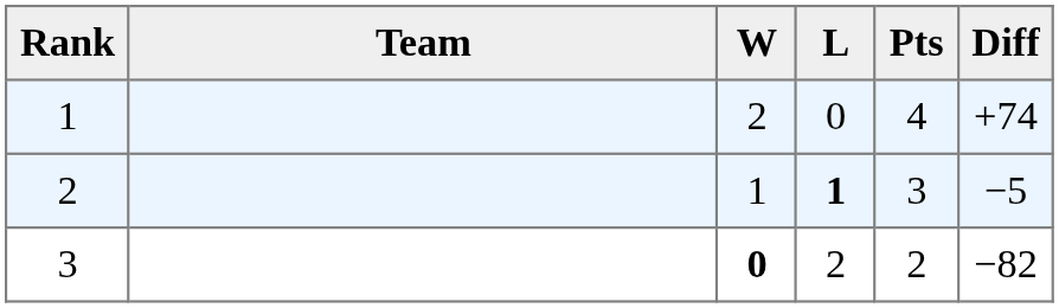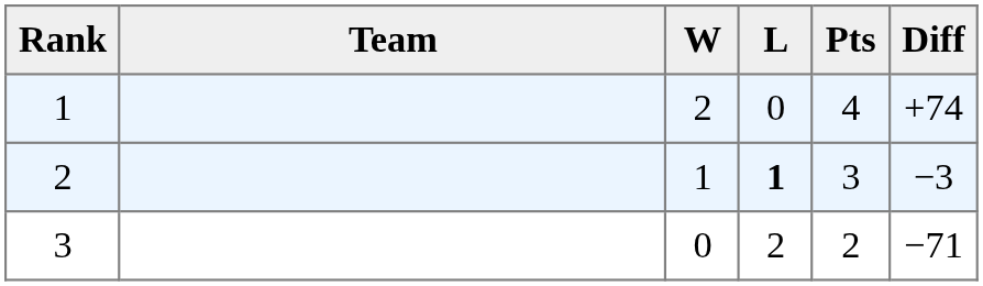 <table style=border-collapse:collapse border=1 cellspacing=0 cellpadding=5>
 <tr align=center bgcolor=#efefef>
 <th width=20>Rank</th>
 <th width=220>Team</th>
 <th width=20>W</th>
 <th width=20>L</th>
 <th width=20>Pts</th>
 <th width=25>Diff</th>
 </tr>
 <tr align=center bgcolor=#EBF5FF>
 <td>1</td>
 <td align=left></td>
 <td>2</td>
 <td>0</td>
 <td>4</td>
 <td>+74</td>
 </tr>
 <tr align=center bgcolor=#EBF5FF>
 <td>2</td>
 <td align=left></td>
 <td>1</td>
 <td><strong>1</strong></td>
 <td>3</td>
-<td>−5</td>
+<td>−3</td>
 </tr>
 <tr align=center>
 <td>3</td>
 <td align=left></td>
-<td><strong>0</strong></td>
+<td>0</td>
 <td>2</td>
 <td>2</td>
-<td>−82</td>
+<td>−71</td>
 </tr>
 </table>
